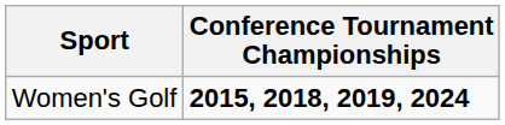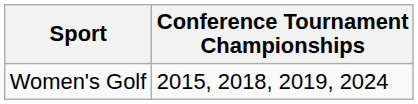 <table class= "wikitable">
 <tr>
 <th width=100px>Sport</th>
 <th width=px>Conference Tournament<br> Championships</th>
 </tr>
 <tr>
 <td>Women's Golf</td>
-<td><strong>2015, 2018, 2019, 2024</strong></td>
+<td>2015, 2018, 2019, 2024</td>
 </tr>
 </table>
